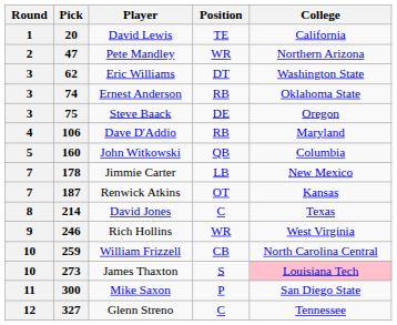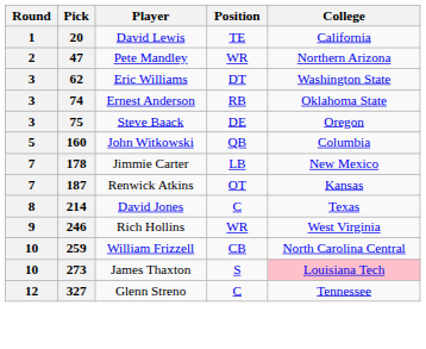 <table class="wikitable" style="width:80%; text-align:center">
 <tr>
 <th>Round</th>
 <th>Pick</th>
 <th>Player</th>
 <th>Position</th>
 <th>College</th>
 </tr>
 <tr>
 <th>1</th>
 <th>20</th>
 <td><a href='#'>David Lewis</a></td>
 <td><a href='#'>TE</a></td>
 <td><a href='#'>California</a></td>
 </tr>
 <tr>
 <th>2</th>
 <th>47</th>
 <td><a href='#'>Pete Mandley</a></td>
 <td><a href='#'>WR</a></td>
 <td><a href='#'>Northern Arizona</a></td>
 </tr>
 <tr>
 <th>3</th>
 <th>62</th>
 <td><a href='#'>Eric Williams</a></td>
 <td><a href='#'>DT</a></td>
 <td><a href='#'>Washington State</a></td>
 </tr>
 <tr>
 <th>3</th>
 <th>74</th>
 <td><a href='#'>Ernest Anderson</a></td>
 <td><a href='#'>RB</a></td>
 <td><a href='#'>Oklahoma State</a></td>
 </tr>
 <tr>
 <th>3</th>
 <th>75</th>
 <td><a href='#'>Steve Baack</a></td>
 <td><a href='#'>DE</a></td>
 <td><a href='#'>Oregon</a></td>
-</tr>
-<tr>
-<th>4</th>
-<th>106</th>
-<td><a href='#'>Dave D'Addio</a></td>
-<td><a href='#'>RB</a></td>
-<td><a href='#'>Maryland</a></td>
 </tr>
 <tr>
 <th>5</th>
 <th>160</th>
 <td><a href='#'>John Witkowski</a></td>
 <td><a href='#'>QB</a></td>
 <td><a href='#'>Columbia</a></td>
 </tr>
 <tr>
 <th>7</th>
 <th>178</th>
 <td>Jimmie Carter</td>
 <td><a href='#'>LB</a></td>
 <td><a href='#'>New Mexico</a></td>
 </tr>
 <tr>
 <th>7</th>
 <th>187</th>
 <td>Renwick Atkins</td>
 <td><a href='#'>OT</a></td>
 <td><a href='#'>Kansas</a></td>
 </tr>
 <tr>
 <th>8</th>
 <th>214</th>
 <td><a href='#'>David Jones</a></td>
 <td><a href='#'>C</a></td>
 <td><a href='#'>Texas</a></td>
 </tr>
 <tr>
 <th>9</th>
 <th>246</th>
 <td>Rich Hollins</td>
 <td><a href='#'>WR</a></td>
 <td><a href='#'>West Virginia</a></td>
 </tr>
 <tr>
 <th>10</th>
 <th>259</th>
 <td><a href='#'>William Frizzell</a></td>
 <td><a href='#'>CB</a></td>
 <td><a href='#'>North Carolina Central</a></td>
 </tr>
 <tr>
 <th>10</th>
 <th>273</th>
 <td>James Thaxton</td>
 <td><a href='#'>S</a></td>
 <td style="background: pink;"><a href='#'>Louisiana Tech</a></td>
 </tr>
 <tr>
-<th>11</th>
-<th>300</th>
-<td><a href='#'>Mike Saxon</a></td>
-<td><a href='#'>P</a></td>
-<td><a href='#'>San Diego State</a></td>
-</tr>
-<tr>
 <th>12</th>
 <th>327</th>
 <td>Glenn Streno</td>
 <td><a href='#'>C</a></td>
 <td><a href='#'>Tennessee</a></td>
 </tr>
 </table>
